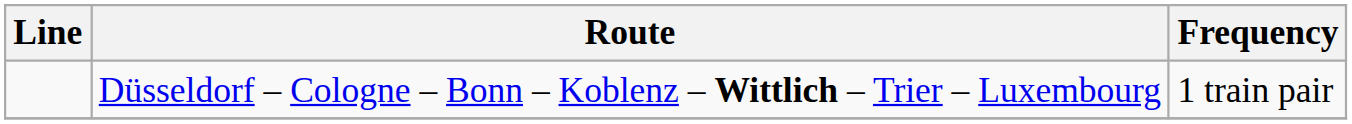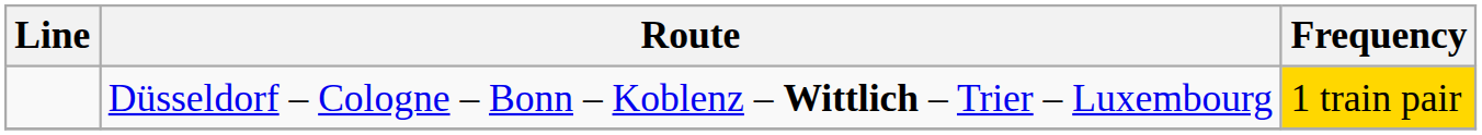 <table class="wikitable">
 <tr>
 <th>Line</th>
 <th>Route</th>
 <th>Frequency</th>
 </tr>
 <tr>
 <td></td>
 <td><a href='#'>Düsseldorf</a> – <a href='#'>Cologne</a>  – <a href='#'>Bonn</a> – <a href='#'>Koblenz</a> –  <strong>Wittlich</strong> – <a href='#'>Trier</a>  – <a href='#'>Luxembourg</a></td>
-<td>1 train pair</td>
+<td style="background: gold;">1 train pair</td>
 </tr>
 <tr>
 </tr>
 </table>
